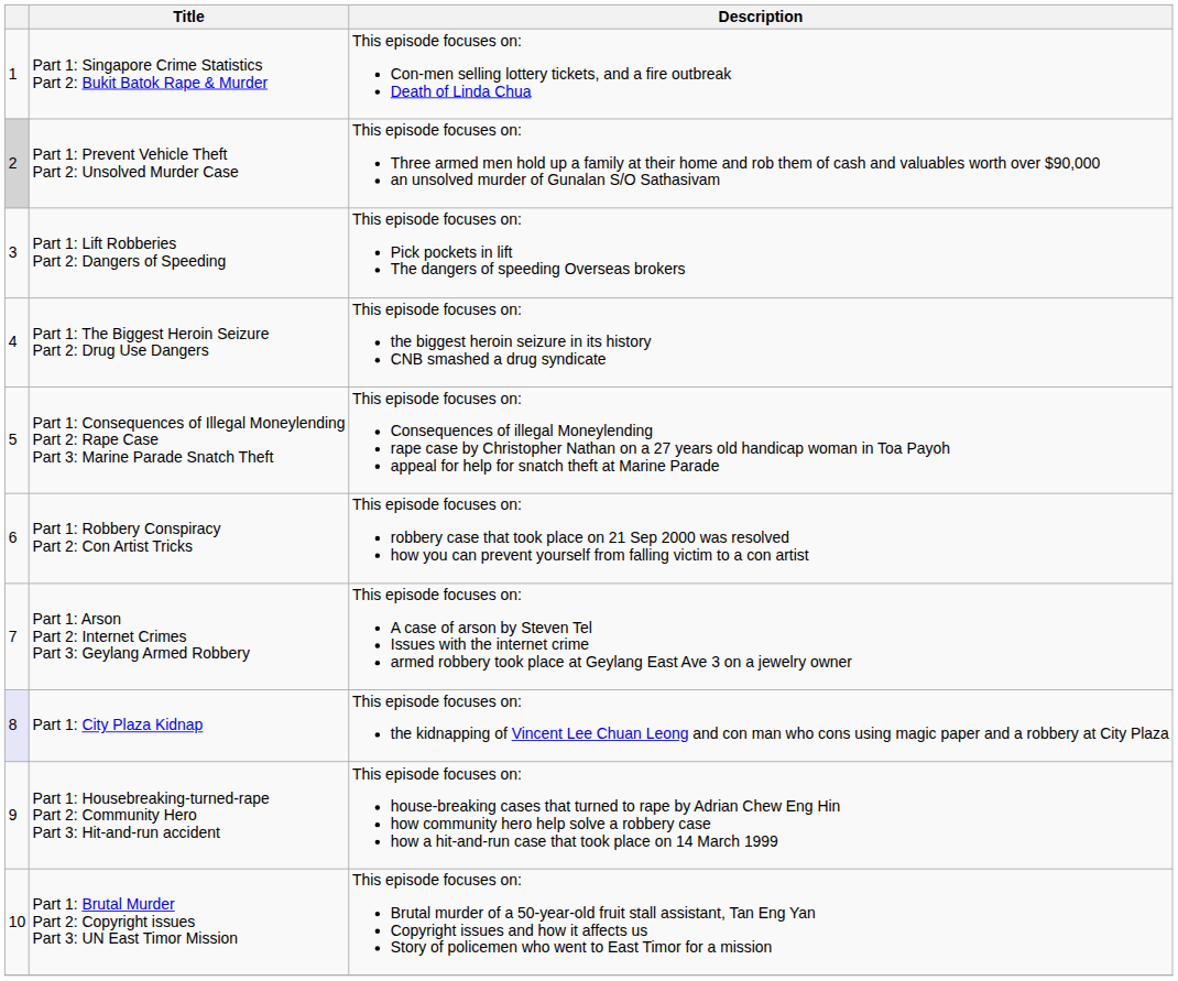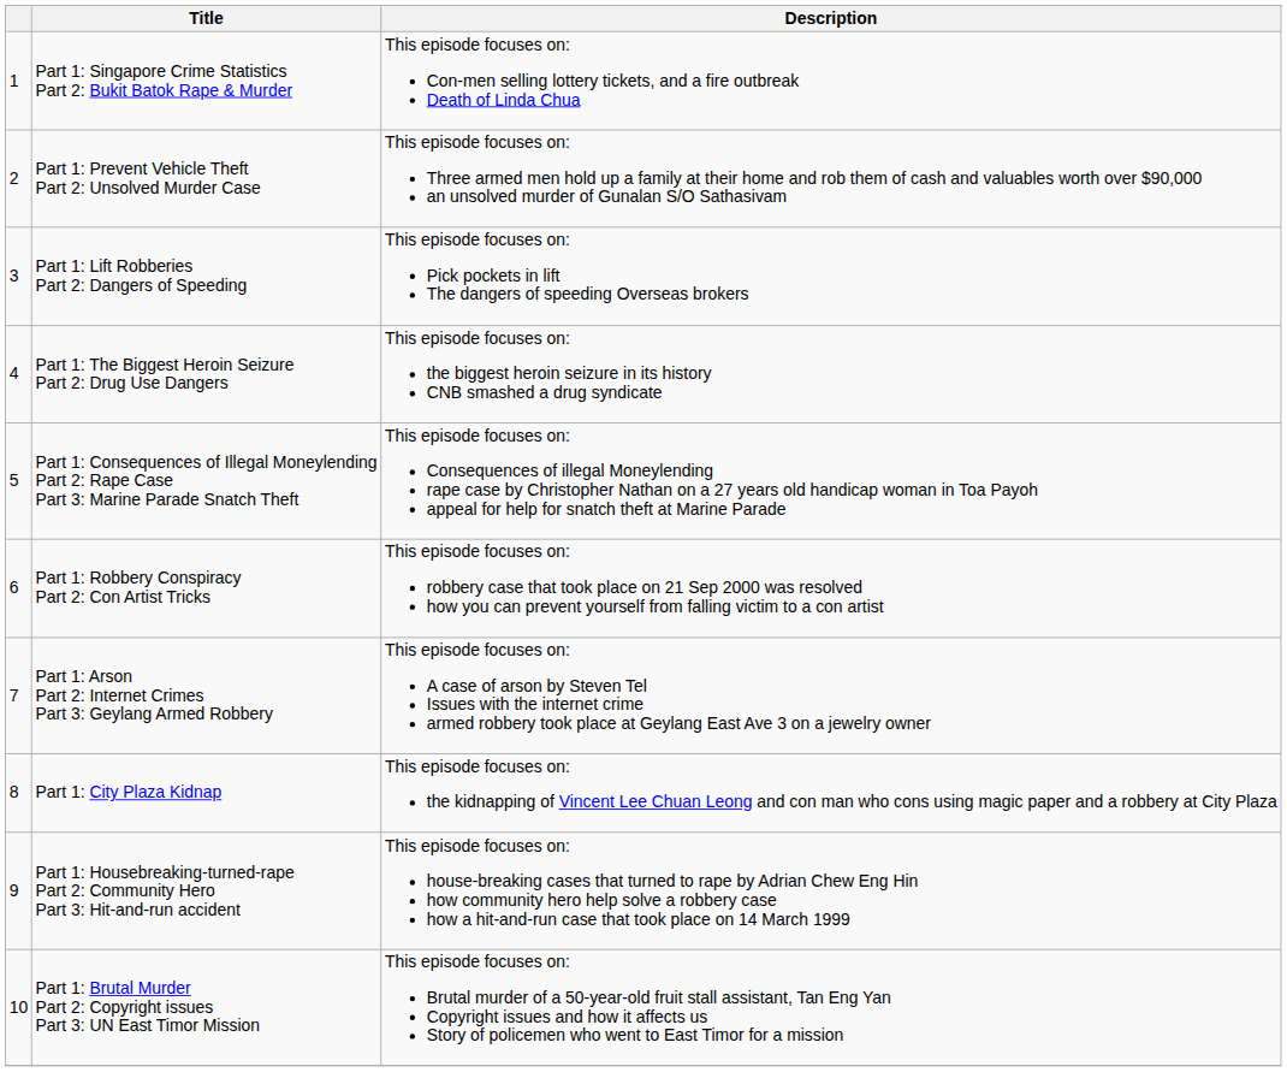 <table class="wikitable">
 <tr>
 <th></th>
 <th>Title</th>
 <th>Description</th>
 </tr>
 <tr>
 <td>1</td>
 <td>Part 1: Singapore Crime Statistics <br>Part 2: <a href='#'>Bukit Batok Rape & Murder</a></td>
 <td>This episode focuses on:<br><ul><li>Con-men selling lottery tickets, and a fire outbreak</li><li><a href='#'>Death of Linda Chua</a></li></ul></td>
 </tr>
 <tr>
-<td style="background: lightgrey;">2</td>
+<td>2</td>
 <td>Part 1: Prevent Vehicle Theft <br>Part 2: Unsolved Murder Case</td>
 <td>This episode focuses on:<br><ul><li>Three armed men hold up a family at their home and rob them of cash and valuables worth over $90,000</li><li>an unsolved murder of Gunalan S/O Sathasivam</li></ul></td>
 </tr>
 <tr>
 <td>3</td>
 <td>Part 1: Lift Robberies <br>Part 2: Dangers of Speeding</td>
 <td>This episode focuses on:<br><ul><li>Pick pockets in lift</li><li>The dangers of speeding Overseas brokers</li></ul></td>
 </tr>
 <tr>
 <td>4</td>
 <td>Part 1: The Biggest Heroin Seizure <br>Part 2: Drug Use Dangers</td>
 <td>This episode focuses on:<br><ul><li>the biggest heroin seizure in its history</li><li>CNB smashed a drug syndicate</li></ul></td>
 </tr>
 <tr>
 <td>5</td>
 <td>Part 1: Consequences of Illegal Moneylending <br>Part 2: Rape Case <br>Part 3: Marine Parade Snatch Theft</td>
 <td>This episode focuses on:<br><ul><li>Consequences of illegal Moneylending</li><li>rape case by Christopher Nathan on a 27 years old handicap woman in Toa Payoh</li><li>appeal for help for snatch theft at Marine Parade</li></ul></td>
 </tr>
 <tr>
 <td>6</td>
 <td>Part 1: Robbery Conspiracy <br>Part 2: Con Artist Tricks</td>
 <td>This episode focuses on:<br><ul><li>robbery case that took place on 21 Sep 2000 was resolved</li><li>how you can prevent yourself from falling victim to a con artist</li></ul></td>
 </tr>
 <tr>
 <td>7</td>
 <td>Part 1: Arson <br>Part 2: Internet Crimes <br>Part 3: Geylang Armed Robbery</td>
 <td>This episode focuses on:<br><ul><li>A case of arson by Steven Tel</li><li>Issues with the internet crime</li><li>armed robbery took place at Geylang East Ave 3 on a jewelry owner</li></ul></td>
 </tr>
 <tr>
-<td style="background: lavender;">8</td>
+<td>8</td>
 <td>Part 1: <a href='#'>City Plaza Kidnap</a></td>
 <td>This episode focuses on:<br><ul><li>the kidnapping of <a href='#'>Vincent Lee Chuan Leong</a> and con man who cons using magic paper and a robbery at City Plaza</li></ul></td>
 </tr>
 <tr>
 <td>9</td>
 <td>Part 1: Housebreaking-turned-rape<br>Part 2: Community Hero <br>Part 3: Hit-and-run accident</td>
 <td>This episode focuses on:<br><ul><li>house-breaking cases that turned to rape by Adrian Chew Eng Hin</li><li>how community hero help solve a robbery case</li><li>how a hit-and-run case that took place on 14 March 1999</li></ul></td>
 </tr>
 <tr>
 <td>10</td>
 <td>Part 1:  <a href='#'>Brutal Murder</a> <br>Part 2: Copyright issues <br>Part 3: UN East Timor Mission</td>
 <td>This episode focuses on:<br><ul><li>Brutal murder of a 50-year-old fruit stall assistant, Tan Eng Yan</li><li>Copyright issues and how it affects us</li><li>Story of policemen who went to East Timor for a mission</li></ul></td>
 </tr>
 <tr>
 </tr>
 </table>
